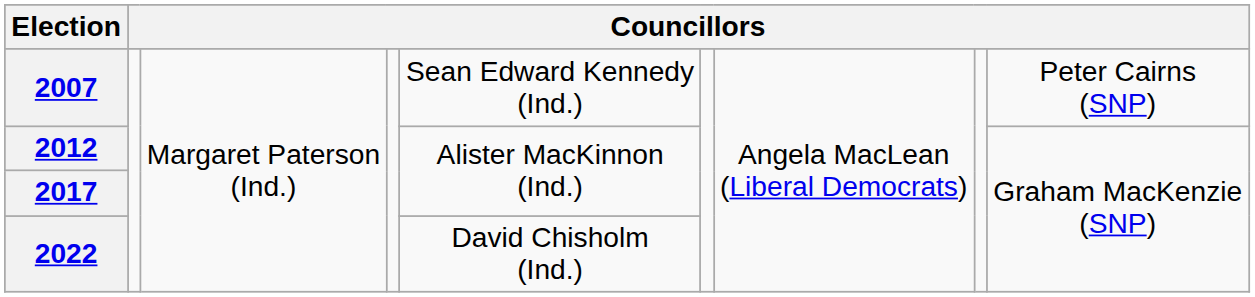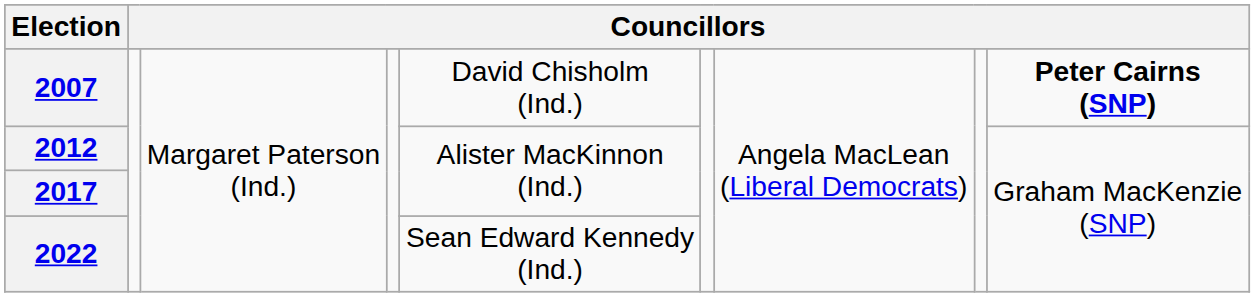 <table class="wikitable" style="text-align:center">
 <tr>
 <th>Election</th>
 <th colspan=8>Councillors</th>
 </tr>
 <tr>
 <th><a href='#'>2007</a></th>
 <td rowspan=4; style="background-color: "></td>
 <td rowspan=4>Margaret Paterson<br>(Ind.)</td>
 <td rowspan=4; style="background-color: "></td>
-<td rowspan=1>Sean Edward Kennedy<br>(Ind.)</td>
+<td rowspan=1>David Chisholm<br>(Ind.)</td>
 <td rowspan=4; style="background-color: "></td>
 <td rowspan=4>Angela MacLean<br>(<a href='#'>Liberal Democrats</a>)</td>
 <td rowspan=4; style="background-color: "></td>
-<td rowspan=1>Peter Cairns<br>(<a href='#'>SNP</a>)</td>
+<td rowspan=1><strong>Peter Cairns<br>(<a href='#'>SNP</a>)</strong></td>
 </tr>
 <tr>
 <th><a href='#'>2012</a></th>
 <td rowspan=2>Alister MacKinnon<br>(Ind.)</td>
 <td rowspan=3>Graham MacKenzie<br>(<a href='#'>SNP</a>)</td>
 </tr>
 <tr>
 <th><a href='#'>2017</a></th>
 </tr>
 <tr>
 <th><a href='#'>2022</a></th>
-<td rowspan=1>David Chisholm<br>(Ind.)</td>
+<td rowspan=1>Sean Edward Kennedy<br>(Ind.)</td>
 </tr>
 </table>
